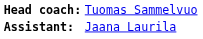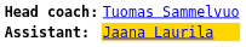 <table>
 <tr>
 <td><strong>Head coach:</strong></td>
 <td><a href='#'>Tuomas Sammelvuo</a></td>
 </tr>
 <tr>
 <td><strong>Assistant:</strong></td>
-<td><a href='#'>Jaana Laurila</a></td>
+<td style="background: gold;"><a href='#'>Jaana Laurila</a></td>
 </tr>
 </table>
